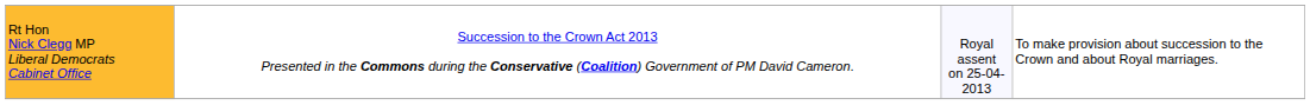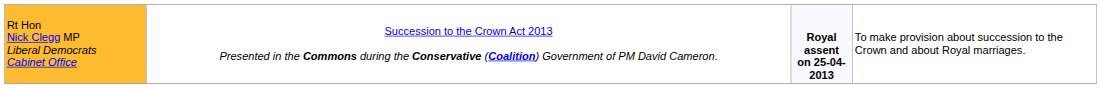 <table class="wikitable" width="100%">
 <tr bgcolor="#F8F8FF">
 </tr>
 <tr align="center" bgcolor="#F8F8FF">
 <td style="width: 13%;" align="left" bgcolor="#FDBB30">Rt Hon<br><a href='#'>Nick Clegg</a> MP<br><em>Liberal Democrats</em><br><em><a href='#'>Cabinet Office</a></em></td>
 <td style="width: 59%;" bgcolor="#FFFFFF" align="center"><a href='#'>Succession to the Crown Act 2013</a><br><br> <em>Presented in the <strong>Commons</strong> during the <strong>Conservative</strong> (<strong><a href='#'>Coalition</a></strong>) Government of PM David Cameron</em>.</td>
-<td style="width:8;"><br>  <br>Royal assent<br>on 25-04-2013</td>
+<td style="width:8;"><strong><br>  <br>Royal assent<br>on 25-04-2013</strong></td>
 <td align="left" bgcolor="#FFFFFF">To make provision about succession to the Crown and about Royal marriages.</td>
 </tr>
 <tr>
 </tr>
 </table>
